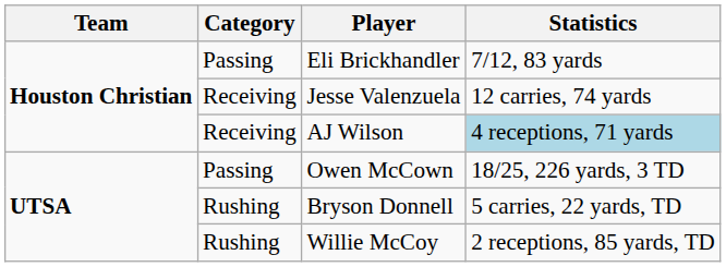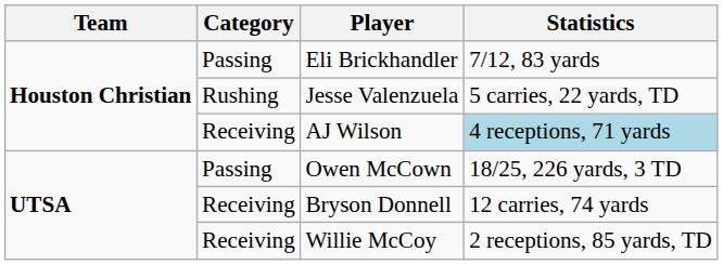 <table class="wikitable" style="float: right;">
 <tr>
 <th>Team</th>
 <th>Category</th>
 <th>Player</th>
 <th>Statistics</th>
 </tr>
 <tr>
 <td rowspan=3><strong>Houston Christian</strong></td>
 <td>Passing</td>
 <td>Eli Brickhandler</td>
 <td>7/12, 83 yards</td>
 </tr>
 <tr>
-<td>Receiving</td>
+<td>Rushing</td>
 <td>Jesse Valenzuela</td>
-<td>12 carries, 74 yards</td>
+<td>5 carries, 22 yards, TD</td>
 </tr>
 <tr>
 <td>Receiving</td>
 <td>AJ Wilson</td>
 <td style="background: lightblue;">4 receptions, 71 yards</td>
 </tr>
 <tr>
 <td rowspan=3><strong>UTSA</strong></td>
 <td>Passing</td>
 <td>Owen McCown</td>
 <td>18/25, 226 yards, 3 TD</td>
 </tr>
 <tr>
-<td>Rushing</td>
+<td>Receiving</td>
 <td>Bryson Donnell</td>
-<td>5 carries, 22 yards, TD</td>
+<td>12 carries, 74 yards</td>
 </tr>
 <tr>
-<td>Rushing</td>
+<td>Receiving</td>
 <td>Willie McCoy</td>
 <td>2 receptions, 85 yards, TD</td>
 </tr>
 </table>
